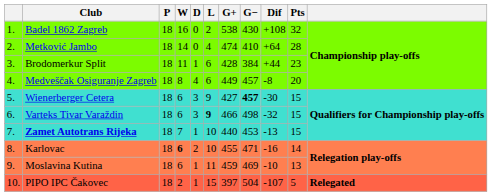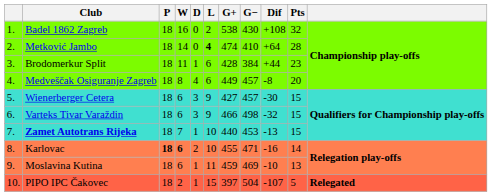 <table class="wikitable sortable">
 <tr>
 <th></th>
 <th>Club</th>
 <th>P</th>
 <th>W</th>
 <th>D</th>
 <th>L</th>
 <th>G+</th>
 <th>G−</th>
 <th>Dif</th>
 <th>Pts</th>
 <th></th>
 </tr>
 <tr bgcolor="lawngreen">
 <td>1.</td>
 <td><a href='#'>Badel 1862 Zagreb</a></td>
 <td>18</td>
 <td>16</td>
 <td>0</td>
 <td>2</td>
 <td>538</td>
 <td>430</td>
 <td>+108</td>
 <td>32</td>
 <td rowspan="4"><strong>Championship play-offs</strong></td>
 </tr>
 <tr bgcolor="lawngreen">
 <td>2.</td>
 <td><a href='#'>Metković Jambo</a></td>
 <td>18</td>
 <td>14</td>
 <td>0</td>
-<td>4</td>
+<td><strong>4</strong></td>
 <td>474</td>
 <td>410</td>
 <td>+64</td>
 <td>28</td>
 </tr>
 <tr bgcolor="lawngreen">
 <td>3.</td>
 <td>Brodomerkur Split</td>
 <td>18</td>
 <td>11</td>
 <td>1</td>
 <td>6</td>
 <td>428</td>
 <td>384</td>
 <td>+44</td>
 <td>23</td>
 </tr>
 <tr bgcolor="lawngreen">
 <td>4.</td>
 <td><a href='#'>Medveščak Osiguranje Zagreb</a></td>
 <td>18</td>
 <td>8</td>
 <td>4</td>
 <td>6</td>
 <td>449</td>
 <td>457</td>
 <td>-8</td>
 <td>20</td>
 </tr>
 <tr bgcolor="turquoise">
 <td>5.</td>
 <td><a href='#'>Wienerberger Cetera</a></td>
 <td>18</td>
 <td>6</td>
 <td>3</td>
 <td>9</td>
 <td>427</td>
-<td><strong>457</strong></td>
+<td>457</td>
 <td>-30</td>
 <td>15</td>
 <td rowspan="3"><strong>Qualifiers for Championship play-offs</strong></td>
 </tr>
 <tr bgcolor="turquoise">
 <td>6.</td>
 <td><a href='#'>Varteks Tivar Varaždin</a></td>
 <td>18</td>
 <td>6</td>
 <td>3</td>
-<td><strong>9</strong></td>
+<td>9</td>
 <td>466</td>
 <td>498</td>
 <td>-32</td>
 <td>15</td>
 </tr>
 <tr bgcolor="turquoise">
 <td>7.</td>
 <td><strong><a href='#'>Zamet Autotrans Rijeka</a></strong></td>
 <td>18</td>
 <td>7</td>
 <td>1</td>
 <td>10</td>
 <td>440</td>
 <td>453</td>
 <td>-13</td>
 <td>15</td>
 </tr>
 <tr bgcolor="coral">
 <td>8.</td>
 <td>Karlovac</td>
-<td>18</td>
+<td><strong>18</strong></td>
 <td><strong>6</strong></td>
 <td>2</td>
 <td>10</td>
 <td>455</td>
 <td>471</td>
 <td>-16</td>
 <td>14</td>
 <td rowspan="2"><strong>Relegation play-offs</strong></td>
 </tr>
 <tr bgcolor="coral">
 <td>9.</td>
 <td>Moslavina Kutina</td>
 <td>18</td>
 <td>6</td>
 <td>1</td>
 <td>11</td>
 <td>459</td>
 <td>469</td>
 <td>-10</td>
 <td>13</td>
 </tr>
 <tr bgcolor="tomato">
 <td>10.</td>
 <td>PIPO IPC Čakovec</td>
 <td>18</td>
 <td>2</td>
 <td>1</td>
 <td>15</td>
 <td>397</td>
 <td>504</td>
 <td>-107</td>
 <td>5</td>
 <td><strong>Relegated</strong></td>
 </tr>
 </table>
